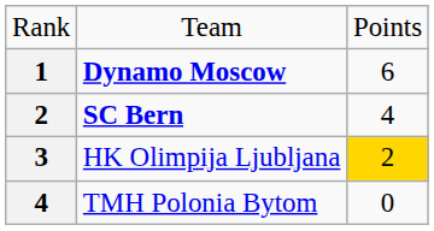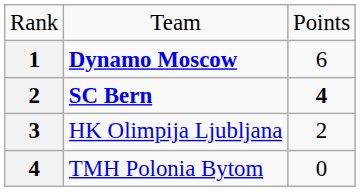 <table class="wikitable" style="text-align: center;">
 <tr>
 <td>Rank</td>
 <td>Team</td>
 <td>Points</td>
 </tr>
 <tr>
 <th>1</th>
 <td style="text-align: left;"> <strong><a href='#'>Dynamo Moscow</a></strong></td>
 <td>6</td>
 </tr>
 <tr>
 <th>2</th>
 <td style="text-align: left;"> <strong><a href='#'>SC Bern</a></strong></td>
-<td>4</td>
+<td><strong>4</strong></td>
 </tr>
 <tr>
 <th>3</th>
 <td style="text-align: left;"> <a href='#'>HK Olimpija Ljubljana</a></td>
-<td style="background: gold;">2</td>
+<td>2</td>
 </tr>
 <tr>
 <th>4</th>
 <td style="text-align: left;"> <a href='#'>TMH Polonia Bytom</a></td>
 <td>0</td>
 </tr>
 </table>
